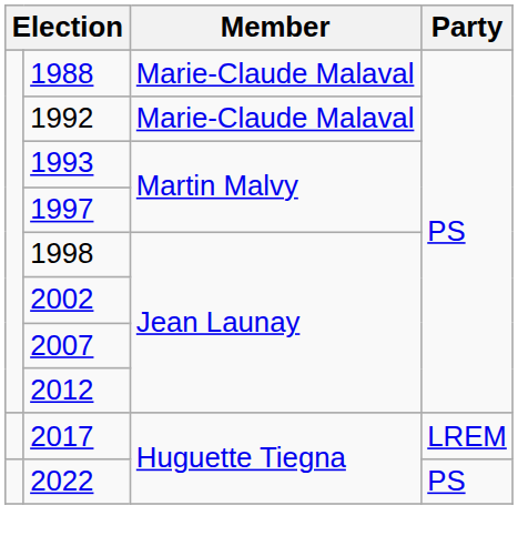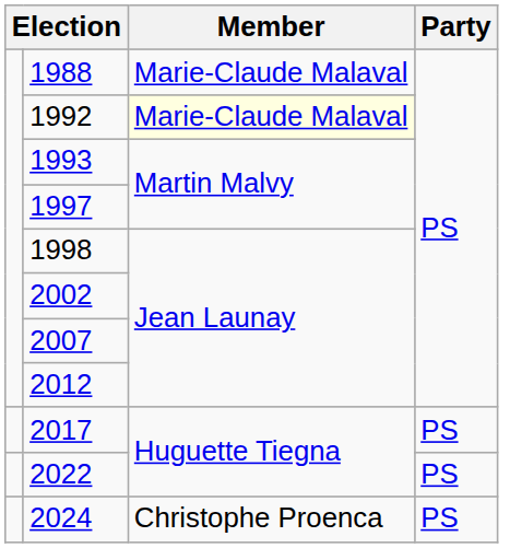 <table class="wikitable">
 <tr>
 <th colspan="2">Election</th>
 <th>Member</th>
 <th>Party</th>
 </tr>
 <tr>
 <td rowspan=8 style="background-color: "></td>
 <td><a href='#'>1988</a></td>
 <td><a href='#'>Marie-Claude Malaval</a></td>
 <td rowspan=8><a href='#'>PS</a></td>
 </tr>
 <tr>
 <td>1992</td>
-<td><a href='#'>Marie-Claude Malaval</a></td>
+<td style="background: lightyellow;"><a href='#'>Marie-Claude Malaval</a></td>
 </tr>
 <tr>
 <td><a href='#'>1993</a></td>
 <td rowspan=2><a href='#'>Martin Malvy</a></td>
 </tr>
 <tr>
 <td><a href='#'>1997</a></td>
 </tr>
 <tr>
 <td>1998</td>
 <td rowspan=4><a href='#'>Jean Launay</a></td>
 </tr>
 <tr>
 <td><a href='#'>2002</a></td>
 </tr>
 <tr>
 <td><a href='#'>2007</a></td>
 </tr>
 <tr>
 <td><a href='#'>2012</a></td>
 </tr>
 <tr>
 <td style="color:inherit;background-color: "></td>
 <td><a href='#'>2017</a></td>
 <td rowspan="2"><a href='#'>Huguette Tiegna</a></td>
-<td><a href='#'>LREM</a></td>
+<td><a href='#'>PS</a></td>
 </tr>
 <tr>
 <td style="color:inherit;background-color: "></td>
 <td><a href='#'>2022</a></td>
 <td><a href='#'>PS</a></td>
 </tr>
+<tr>
+<td style="background-color: "></td>
+<td><a href='#'>2024</a></td>
+<td>Christophe Proenca</td>
+<td><a href='#'>PS</a></td>
+</tr>
 </table>
